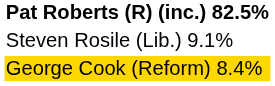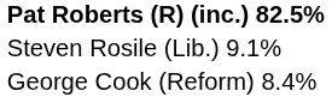 <table>
 <tr>
 <td><strong>Pat Roberts (R) (inc.) 82.5%</strong></td>
 </tr>
 <tr>
 <td>Steven Rosile (Lib.) 9.1%</td>
 </tr>
 <tr>
-<td style="background: gold;">George Cook (Reform) 8.4%</td>
+<td>George Cook (Reform) 8.4%</td>
 </tr>
 </table>
